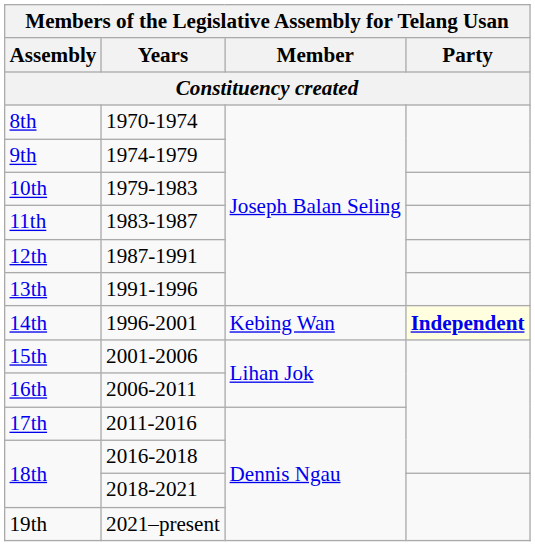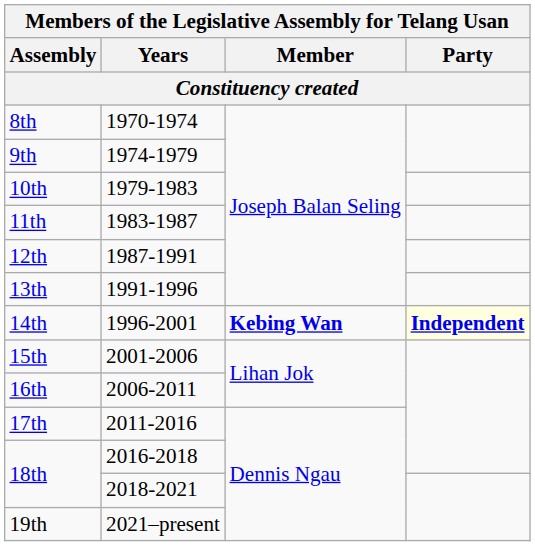 <table class=wikitable>
 <tr>
 <th colspan="4">Members of the Legislative Assembly for Telang Usan</th>
 </tr>
 <tr>
 <th>Assembly</th>
 <th>Years</th>
 <th>Member</th>
 <th>Party</th>
 </tr>
 <tr>
 <th colspan=4 align=center><em>Constituency created</em></th>
 </tr>
 <tr>
 <td><a href='#'>8th</a></td>
 <td>1970-1974</td>
 <td rowspan=6><a href='#'>Joseph Balan Seling</a></td>
 <td rowspan=2></td>
 </tr>
 <tr>
 <td><a href='#'>9th</a></td>
 <td>1974-1979</td>
 </tr>
 <tr>
 <td><a href='#'>10th</a></td>
 <td>1979-1983</td>
 <td></td>
 </tr>
 <tr>
 <td><a href='#'>11th</a></td>
 <td>1983-1987</td>
 <td></td>
 </tr>
 <tr>
 <td><a href='#'>12th</a></td>
 <td>1987-1991</td>
 <td></td>
 </tr>
 <tr>
 <td><a href='#'>13th</a></td>
 <td>1991-1996</td>
 <td></td>
 </tr>
 <tr>
 <td><a href='#'>14th</a></td>
 <td>1996-2001</td>
-<td><a href='#'>Kebing Wan</a></td>
+<td><strong><a href='#'>Kebing Wan</a></strong></td>
 <td style="background: lightyellow;"><strong><a href='#'>Independent</a></strong></td>
 </tr>
 <tr>
 <td><a href='#'>15th</a></td>
 <td>2001-2006</td>
 <td rowspan=2><a href='#'>Lihan Jok</a></td>
 <td rowspan=4></td>
 </tr>
 <tr>
 <td><a href='#'>16th</a></td>
 <td>2006-2011</td>
 </tr>
 <tr>
 <td><a href='#'>17th</a></td>
 <td>2011-2016</td>
 <td rowspan="4"><a href='#'>Dennis Ngau</a></td>
 </tr>
 <tr>
 <td rowspan="2"><a href='#'>18th</a></td>
 <td>2016-2018</td>
 </tr>
 <tr>
 <td>2018-2021</td>
 <td rowspan="2"></td>
 </tr>
 <tr>
 <td>19th</td>
 <td>2021–present</td>
 </tr>
 </table>
